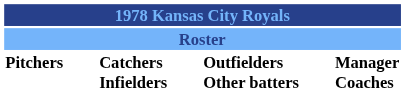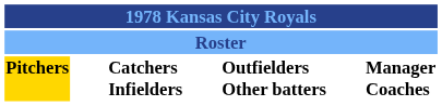 <table class="toccolours" style="font-size: 95%;">
 <tr>
 <th colspan="10" style="background-color: #27408B; color: #74B4FA; text-align: center;">1978 Kansas City Royals</th>
 </tr>
 <tr>
 <td colspan="10" style="background-color: #74B4FA; color: #27408B; text-align: center;"><strong>Roster</strong></td>
 </tr>
 <tr>
-<td valign="top"><strong>Pitchers</strong><br>              </td>
+<td valign="top" style="background: gold;"><strong>Pitchers</strong><br>              </td>
 <td width="25px"></td>
 <td valign="top"><strong>Catchers</strong><br>   <strong>Infielders</strong>         </td>
 <td width="25px"></td>
 <td valign="top"><strong>Outfielders</strong><br>          <strong>Other batters</strong> </td>
 <td width="25px"></td>
 <td valign="top"><strong>Manager</strong><br> <strong>Coaches</strong>    </td>
 </tr>
 </table>
